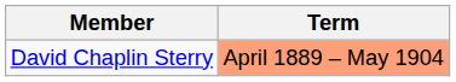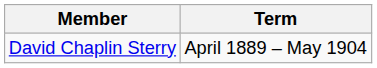 <table class="wikitable">
 <tr>
 <th>Member</th>
 <th>Term</th>
 </tr>
 <tr>
 <td><a href='#'>David Chaplin Sterry</a></td>
-<td style="background: lightsalmon;">April 1889 – May 1904</td>
+<td>April 1889 – May 1904</td>
 </tr>
 </table>
